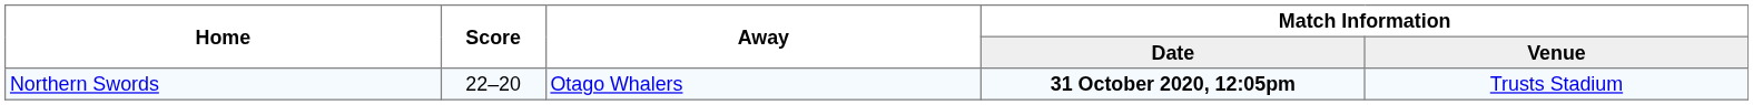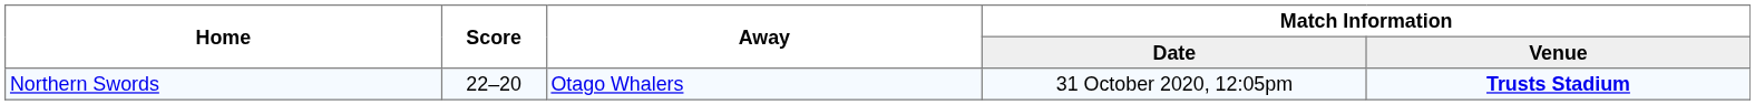 <table width="100%" cellspacing="0" cellpadding="3" border="1" style="border-collapse:collapse; font-size:90%; text-align:center;">
 <tr>
 <th rowspan="2" width="25%">Home</th>
 <th rowspan="2" width="6%">Score</th>
 <th rowspan="2" width="25%">Away</th>
 <th colspan="6">Match Information</th>
 </tr>
 <tr bgcolor="#EFEFEF">
 <th width="22%">Date</th>
 <th width="22%">Venue</th>
 </tr>
 <tr bgcolor="#F5FAFF">
 <td align="left"><a href='#'>Northern Swords</a></td>
 <td>22–20</td>
 <td align="left"><a href='#'>Otago Whalers</a></td>
-<td><strong>31 October 2020, 12:05pm</strong></td>
-<td><a href='#'>Trusts Stadium</a></td>
+<td>31 October 2020, 12:05pm</td>
+<td><strong><a href='#'>Trusts Stadium</a></strong></td>
 </tr>
 </table>
